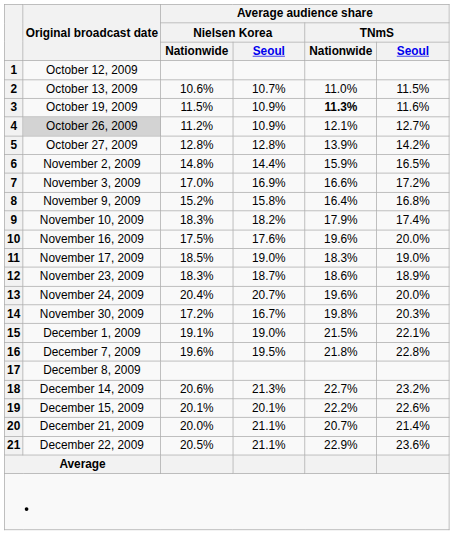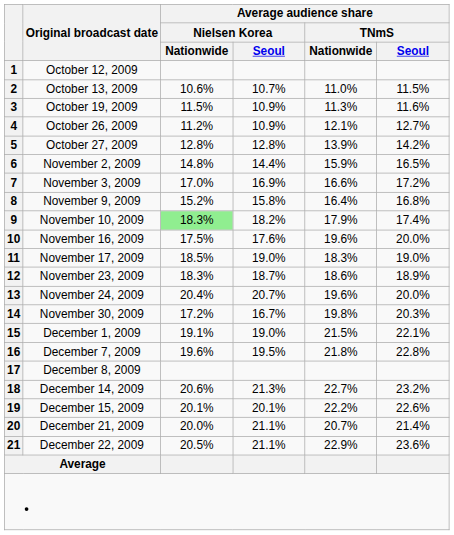 <table class="wikitable" style="text-align:center;">
 <tr>
 <th rowspan="3"></th>
 <th rowspan="3">Original broadcast date</th>
 <th colspan="4">Average audience share</th>
 </tr>
 <tr>
 <th colspan="2">Nielsen Korea</th>
 <th colspan="2">TNmS</th>
 </tr>
 <tr>
 <th width="90">Nationwide</th>
 <th width="90"><a href='#'>Seoul</a></th>
 <th width="90">Nationwide</th>
 <th width="90"><a href='#'>Seoul</a></th>
 </tr>
 <tr>
 <th>1</th>
 <td>October 12, 2009</td>
 <td><strong></strong></td>
 <td><strong></strong></td>
 <td><strong></strong></td>
 <td><strong></strong></td>
 </tr>
 <tr>
 <th>2</th>
 <td>October 13, 2009</td>
 <td>10.6%</td>
 <td>10.7%</td>
 <td>11.0%</td>
 <td>11.5%</td>
 </tr>
 <tr>
 <th>3</th>
 <td>October 19, 2009</td>
 <td>11.5%</td>
 <td>10.9%</td>
-<td><strong>11.3%</strong></td>
+<td>11.3%</td>
 <td>11.6%</td>
 </tr>
 <tr>
 <th>4</th>
-<td style="background: lightgrey;">October 26, 2009</td>
+<td>October 26, 2009</td>
 <td>11.2%</td>
 <td>10.9%</td>
 <td>12.1%</td>
 <td>12.7%</td>
 </tr>
 <tr>
 <th>5</th>
 <td>October 27, 2009</td>
 <td>12.8%</td>
 <td>12.8%</td>
 <td>13.9%</td>
 <td>14.2%</td>
 </tr>
 <tr>
 <th>6</th>
 <td>November 2, 2009</td>
 <td>14.8%</td>
 <td>14.4%</td>
 <td>15.9%</td>
 <td>16.5%</td>
 </tr>
 <tr>
 <th>7</th>
 <td>November 3, 2009</td>
 <td>17.0%</td>
 <td>16.9%</td>
 <td>16.6%</td>
 <td>17.2%</td>
 </tr>
 <tr>
 <th>8</th>
 <td>November 9, 2009</td>
 <td>15.2%</td>
 <td>15.8%</td>
 <td>16.4%</td>
 <td>16.8%</td>
 </tr>
 <tr>
 <th>9</th>
 <td>November 10, 2009</td>
-<td>18.3%</td>
+<td style="background: lightgreen;">18.3%</td>
 <td>18.2%</td>
 <td>17.9%</td>
 <td>17.4%</td>
 </tr>
 <tr>
 <th>10</th>
 <td>November 16, 2009</td>
 <td>17.5%</td>
 <td>17.6%</td>
 <td>19.6%</td>
 <td>20.0%</td>
 </tr>
 <tr>
 <th>11</th>
 <td>November 17, 2009</td>
 <td>18.5%</td>
 <td>19.0%</td>
 <td>18.3%</td>
 <td>19.0%</td>
 </tr>
 <tr>
 <th>12</th>
 <td>November 23, 2009</td>
 <td>18.3%</td>
 <td>18.7%</td>
 <td>18.6%</td>
 <td>18.9%</td>
 </tr>
 <tr>
 <th>13</th>
 <td>November 24, 2009</td>
 <td>20.4%</td>
 <td>20.7%</td>
 <td>19.6%</td>
 <td>20.0%</td>
 </tr>
 <tr>
 <th>14</th>
 <td>November 30, 2009</td>
 <td>17.2%</td>
 <td>16.7%</td>
 <td>19.8%</td>
 <td>20.3%</td>
 </tr>
 <tr>
 <th>15</th>
 <td>December 1, 2009</td>
 <td>19.1%</td>
 <td>19.0%</td>
 <td>21.5%</td>
 <td>22.1%</td>
 </tr>
 <tr>
 <th>16</th>
 <td>December 7, 2009</td>
 <td>19.6%</td>
 <td>19.5%</td>
 <td>21.8%</td>
 <td>22.8%</td>
 </tr>
 <tr>
 <th>17</th>
 <td>December 8, 2009</td>
 <td><strong></strong></td>
 <td><strong></strong></td>
 <td><strong></strong></td>
 <td><strong></strong></td>
 </tr>
 <tr>
 <th>18</th>
 <td>December 14, 2009</td>
 <td>20.6%</td>
 <td>21.3%</td>
 <td>22.7%</td>
 <td>23.2%</td>
 </tr>
 <tr>
 <th>19</th>
 <td>December 15, 2009</td>
 <td>20.1%</td>
 <td>20.1%</td>
 <td>22.2%</td>
 <td>22.6%</td>
 </tr>
 <tr>
 <th>20</th>
 <td>December 21, 2009</td>
 <td>20.0%</td>
 <td>21.1%</td>
 <td>20.7%</td>
 <td>21.4%</td>
 </tr>
 <tr>
 <th>21</th>
 <td>December 22, 2009</td>
 <td>20.5%</td>
 <td>21.1%</td>
 <td>22.9%</td>
 <td>23.6%</td>
 </tr>
 <tr>
 <th colspan="2">Average</th>
 <th></th>
 <th></th>
 <th></th>
 <th></th>
 </tr>
 <tr>
 <td colspan="6"><br><ul><li></li></ul></td>
 </tr>
 </table>
